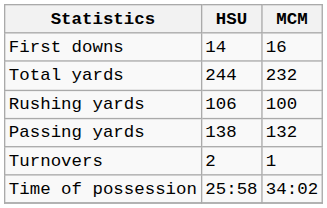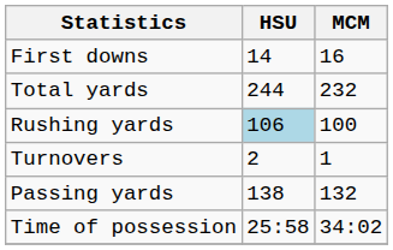 <table class="wikitable">
 <tr>
 <th>Statistics</th>
 <th>HSU</th>
 <th>MCM</th>
 </tr>
 <tr>
 <td>First downs</td>
 <td>14</td>
 <td>16</td>
 </tr>
 <tr>
 <td>Total yards</td>
 <td>244</td>
 <td>232</td>
 </tr>
 <tr>
 <td>Rushing yards</td>
-<td>106</td>
+<td style="background: lightblue;">106</td>
 <td>100</td>
+</tr>
+<tr>
+<td>Turnovers</td>
+<td>2</td>
+<td>1</td>
 </tr>
 <tr>
 <td>Passing yards</td>
 <td>138</td>
 <td>132</td>
-</tr>
-<tr>
-<td>Turnovers</td>
-<td>2</td>
-<td>1</td>
 </tr>
 <tr>
 <td>Time of possession</td>
 <td>25:58</td>
 <td>34:02</td>
 </tr>
 <tr>
 </tr>
 </table>
